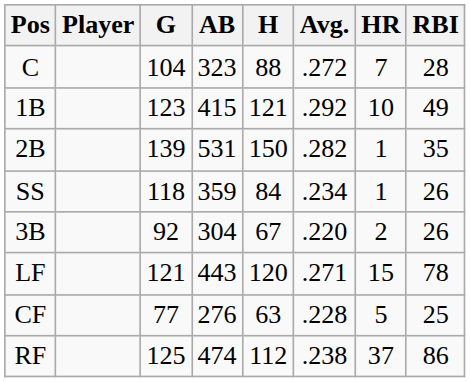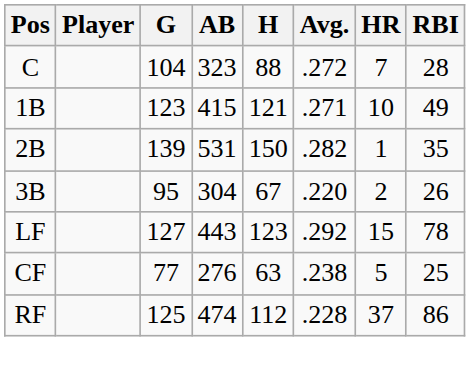 <table class="wikitable sortable">
 <tr>
 <th>Pos</th>
 <th>Player</th>
 <th>G</th>
 <th>AB</th>
 <th>H</th>
 <th>Avg.</th>
 <th>HR</th>
 <th>RBI</th>
 </tr>
 <tr align="center">
 <td>C</td>
 <td></td>
 <td>104</td>
 <td>323</td>
 <td>88</td>
 <td>.272</td>
 <td>7</td>
 <td>28</td>
 </tr>
 <tr align="center">
 <td>1B</td>
 <td></td>
 <td>123</td>
 <td>415</td>
 <td>121</td>
-<td>.292</td>
+<td>.271</td>
 <td>10</td>
 <td>49</td>
 </tr>
 <tr align="center">
 <td>2B</td>
 <td></td>
 <td>139</td>
 <td>531</td>
 <td>150</td>
 <td>.282</td>
 <td>1</td>
 <td>35</td>
 </tr>
 <tr align="center">
-<td>SS</td>
-<td></td>
-<td>118</td>
-<td>359</td>
-<td>84</td>
-<td>.234</td>
-<td>1</td>
-<td>26</td>
-</tr>
-<tr align="center">
 <td>3B</td>
 <td></td>
-<td>92</td>
+<td>95</td>
 <td>304</td>
 <td>67</td>
 <td>.220</td>
 <td>2</td>
 <td>26</td>
 </tr>
 <tr align="center">
 <td>LF</td>
 <td></td>
-<td>121</td>
+<td>127</td>
 <td>443</td>
-<td>120</td>
-<td>.271</td>
+<td>123</td>
+<td>.292</td>
 <td>15</td>
 <td>78</td>
 </tr>
 <tr align="center">
 <td>CF</td>
 <td></td>
 <td>77</td>
 <td>276</td>
 <td>63</td>
-<td>.228</td>
+<td>.238</td>
 <td>5</td>
 <td>25</td>
 </tr>
 <tr align="center">
 <td>RF</td>
 <td></td>
 <td>125</td>
 <td>474</td>
 <td>112</td>
-<td>.238</td>
+<td>.228</td>
 <td>37</td>
 <td>86</td>
 </tr>
 </table>
